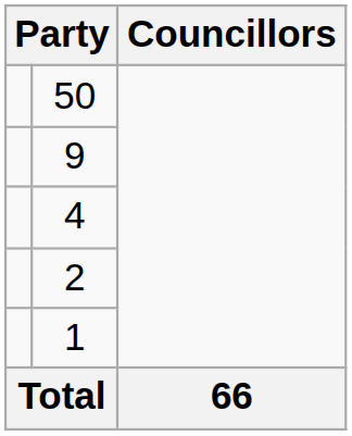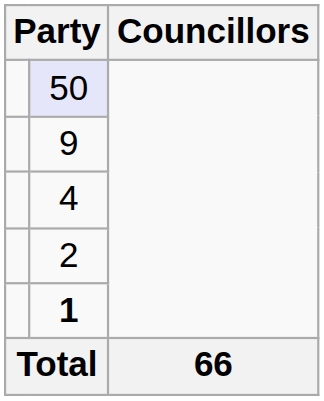 <table class="wikitable">
 <tr>
 <th colspan=2>Party</th>
 <th>Councillors</th>
 </tr>
 <tr>
 <td></td>
-<td align=center>50</td>
+<td align=center style="background: lavender;">50</td>
 </tr>
 <tr>
 <td></td>
 <td align=center>9</td>
 </tr>
 <tr>
 <td></td>
 <td align=center>4</td>
 </tr>
 <tr>
 <td></td>
 <td align=center>2</td>
 </tr>
 <tr>
 <td></td>
-<td align=center>1</td>
+<td align=center><strong>1</strong></td>
 </tr>
 <tr>
 <th colspan=2>Total</th>
 <th>66</th>
 </tr>
 </table>
